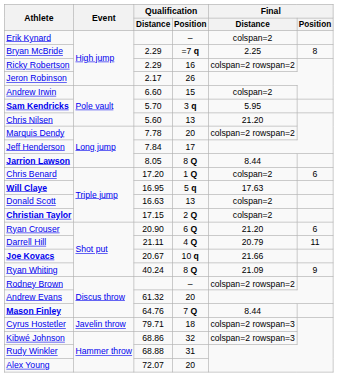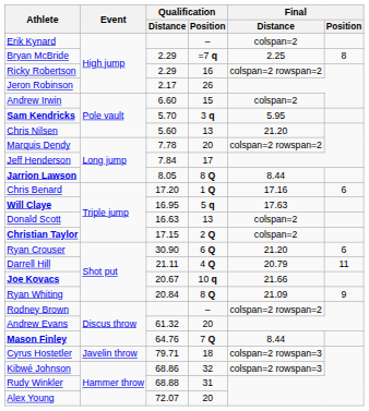 <table class=wikitable style=font-size:90%>
 <tr>
 <th rowspan=2>Athlete</th>
 <th rowspan=2>Event</th>
 <th colspan=2>Qualification</th>
 <th colspan=2>Final</th>
 </tr>
 <tr style=font-size:95%>
 <th>Distance</th>
 <th>Position</th>
 <th>Distance</th>
 <th>Position</th>
 </tr>
 <tr align=center>
 <td align=left><a href='#'>Erik Kynard</a></td>
 <td align=left rowspan=4><a href='#'>High jump</a></td>
 <td></td>
 <td>–</td>
 <td>colspan=2 </td>
 </tr>
 <tr align=center>
 <td align=left><a href='#'>Bryan McBride</a></td>
 <td>2.29</td>
 <td>=7 <strong>q</strong></td>
 <td>2.25</td>
 <td>8</td>
 </tr>
 <tr align=center>
 <td align=left><a href='#'>Ricky Robertson</a></td>
 <td>2.29</td>
 <td>16</td>
 <td>colspan=2 rowspan=2 </td>
 </tr>
 <tr align=center>
 <td align=left><a href='#'>Jeron Robinson</a></td>
 <td>2.17</td>
 <td>26</td>
 </tr>
 <tr align=center>
 <td align=left><a href='#'>Andrew Irwin</a></td>
 <td align=left rowspan=3><a href='#'>Pole vault</a></td>
 <td>6.60</td>
 <td>15</td>
 <td>colspan=2 </td>
 </tr>
 <tr align=center>
 <td align=left><strong><a href='#'>Sam Kendricks</a></strong></td>
 <td>5.70</td>
 <td>3 <strong>q</strong></td>
 <td>5.95</td>
 <td></td>
 </tr>
 <tr align=center>
 <td align=left><a href='#'>Chris Nilsen</a></td>
 <td>5.60</td>
 <td>13</td>
 <td>21.20</td>
 </tr>
 <tr align=center>
 <td align=left><a href='#'>Marquis Dendy</a></td>
 <td align=left rowspan=3><a href='#'>Long jump</a></td>
 <td>7.78</td>
 <td>20</td>
 <td>colspan=2 rowspan=2 </td>
 </tr>
 <tr align=center>
 <td align=left><a href='#'>Jeff Henderson</a></td>
 <td>7.84</td>
 <td>17</td>
 </tr>
 <tr align=center>
 <td align=left><strong><a href='#'>Jarrion Lawson</a></strong></td>
 <td>8.05</td>
 <td>8 <strong>Q</strong></td>
 <td>8.44 <strong></strong></td>
 <td></td>
 </tr>
 <tr align=center>
 <td align=left><a href='#'>Chris Benard</a></td>
 <td align=left rowspan=4><a href='#'>Triple jump</a></td>
 <td>17.20</td>
 <td>1 <strong>Q</strong></td>
-<td>colspan=2 </td>
+<td>17.16</td>
 <td>6</td>
 </tr>
 <tr align=center>
 <td align=left><strong><a href='#'>Will Claye</a></strong></td>
 <td>16.95</td>
 <td>5 <strong>q</strong></td>
 <td>17.63</td>
 <td></td>
 </tr>
 <tr align=center>
 <td align=left><a href='#'>Donald Scott</a></td>
 <td>16.63</td>
 <td>13</td>
 <td>colspan=2 </td>
 </tr>
 <tr align=center>
 <td align=left><strong><a href='#'>Christian Taylor</a></strong></td>
 <td>17.15</td>
 <td>2 <strong>Q</strong></td>
 <td>colspan=2 </td>
 <td></td>
 </tr>
 <tr align=center>
 <td align=left><a href='#'>Ryan Crouser</a></td>
 <td align=left rowspan=4><a href='#'>Shot put</a></td>
-<td>20.90</td>
+<td>30.90</td>
 <td>6 <strong>Q</strong></td>
 <td>21.20</td>
 <td>6</td>
 </tr>
 <tr align=center>
 <td align=left><a href='#'>Darrell Hill</a></td>
 <td>21.11</td>
 <td>4 <strong>Q</strong></td>
 <td>20.79</td>
 <td>11</td>
 </tr>
 <tr align=center>
 <td align=left><strong><a href='#'>Joe Kovacs</a></strong></td>
 <td>20.67</td>
 <td>10 <strong>q</strong></td>
 <td>21.66</td>
 <td></td>
 </tr>
 <tr align=center>
 <td align=left><a href='#'>Ryan Whiting</a></td>
-<td>40.24</td>
+<td>20.84</td>
 <td>8 <strong>Q</strong></td>
 <td>21.09</td>
 <td>9</td>
 </tr>
 <tr align=center>
 <td align=left><a href='#'>Rodney Brown</a></td>
 <td align=left  rowspan=3><a href='#'>Discus throw</a></td>
 <td></td>
 <td>–</td>
 <td>colspan=2 rowspan=2 </td>
 </tr>
 <tr align=center>
 <td align=left><a href='#'>Andrew Evans</a></td>
 <td>61.32</td>
 <td>20</td>
 </tr>
 <tr align=center>
 <td align=left><strong><a href='#'>Mason Finley</a></strong></td>
 <td>64.76</td>
 <td>7 <strong>Q</strong></td>
 <td>8.44 <strong></strong></td>
 <td></td>
 </tr>
 <tr align=center>
 <td align=left><a href='#'>Cyrus Hostetler</a></td>
 <td align=left><a href='#'>Javelin throw</a></td>
 <td>79.71</td>
 <td>18</td>
 <td>colspan=2 rowspan=3 </td>
 </tr>
 <tr align=center>
 <td align=left><a href='#'>Kibwé Johnson</a></td>
 <td align=left  rowspan=3><a href='#'>Hammer throw</a></td>
 <td>68.86</td>
 <td>32</td>
 <td>colspan=2 rowspan=3 </td>
 </tr>
 <tr align=center>
 <td align=left><a href='#'>Rudy Winkler</a></td>
 <td>68.88</td>
 <td>31</td>
 </tr>
 <tr align=center>
 <td align=left><a href='#'>Alex Young</a></td>
 <td>72.07</td>
 <td>20</td>
 </tr>
 </table>
